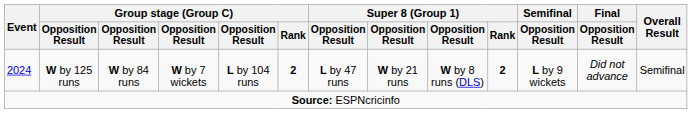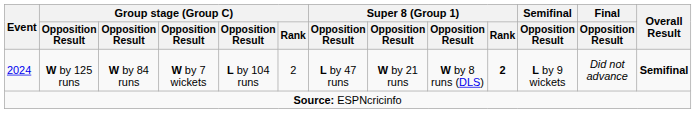 <table class=wikitable style=font-size:90%;text-align:center>
 <tr>
 <th rowspan=2>Event</th>
 <th colspan=5>Group stage (Group C)</th>
 <th colspan=4>Super 8 (Group 1)</th>
 <th>Semifinal</th>
 <th>Final</th>
 <th rowspan=2>Overall Result</th>
 </tr>
 <tr style=font-size:95%>
 <th>Opposition<br>Result</th>
 <th>Opposition<br>Result</th>
 <th>Opposition<br>Result</th>
 <th>Opposition<br>Result</th>
 <th>Rank</th>
 <th>Opposition<br>Result</th>
 <th>Opposition<br>Result</th>
 <th>Opposition<br>Result</th>
 <th>Rank</th>
 <th>Opposition<br>Result</th>
 <th>Opposition<br>Result</th>
 </tr>
 <tr>
 <td align=left><a href='#'>2024</a></td>
 <td><br><strong>W</strong> by 125 runs</td>
 <td><br><strong>W</strong> by 84 runs</td>
 <td><br><strong>W</strong> by 7 wickets</td>
 <td><br><strong>L</strong> by 104 runs</td>
-<td><strong>2</strong></td>
+<td>2</td>
 <td><br><strong>L</strong> by 47 runs</td>
 <td><br><strong>W</strong> by 21 runs</td>
 <td><br><strong>W</strong> by 8 runs (<a href='#'>DLS</a>)</td>
 <td><strong>2</strong></td>
 <td><br><strong>L</strong> by 9 wickets</td>
 <td><em>Did not advance</em></td>
-<td>Semifinal</td>
+<td><strong>Semifinal</strong></td>
 </tr>
 <tr>
 <td colspan="14"><strong>Source:</strong> ESPNcricinfo</td>
 </tr>
 </table>
